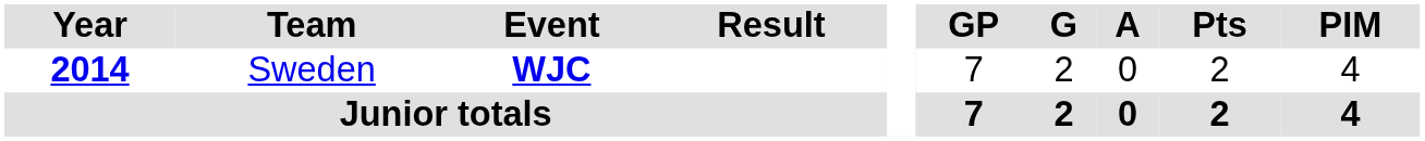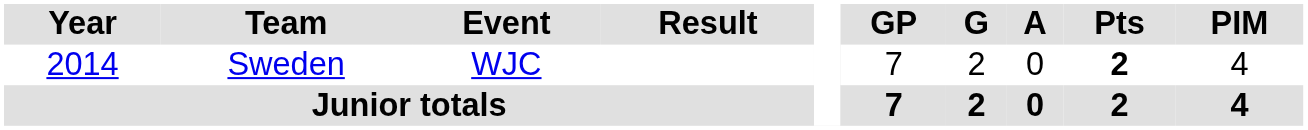 <table border="0" cellpadding="1" cellspacing="0" style="text-align:center; width:40em;">
 <tr bgcolor="#e0e0e0">
 <th>Year</th>
 <th>Team</th>
 <th>Event</th>
 <th>Result</th>
 <th rowspan="99" bgcolor="#ffffff"> </th>
 <th>GP</th>
 <th>G</th>
 <th>A</th>
 <th>Pts</th>
 <th>PIM</th>
 </tr>
 <tr>
-<td><strong><a href='#'>2014</a></strong></td>
+<td><a href='#'>2014</a></td>
 <td><a href='#'>Sweden</a></td>
-<td><strong><a href='#'>WJC</a></strong></td>
+<td><a href='#'>WJC</a></td>
 <td></td>
 <td>7</td>
 <td>2</td>
 <td>0</td>
-<td>2</td>
+<td><strong>2</strong></td>
 <td>4</td>
 </tr>
 <tr bgcolor="#e0e0e0">
 <th colspan="4">Junior totals</th>
 <th>7</th>
 <th>2</th>
 <th>0</th>
 <th>2</th>
 <th>4</th>
 </tr>
 </table>
